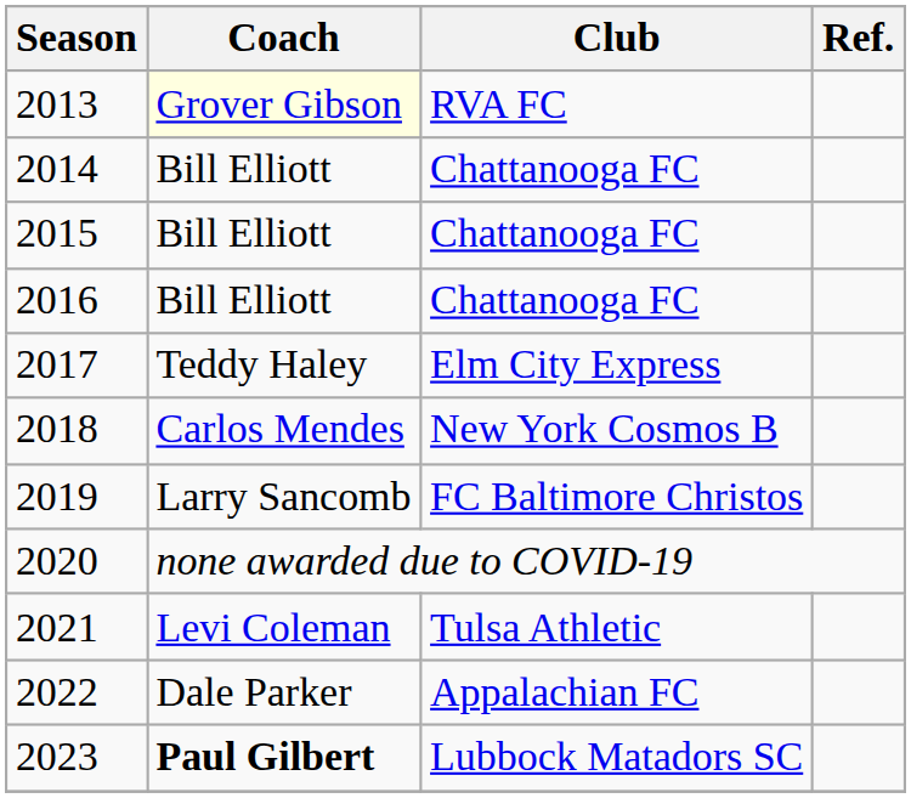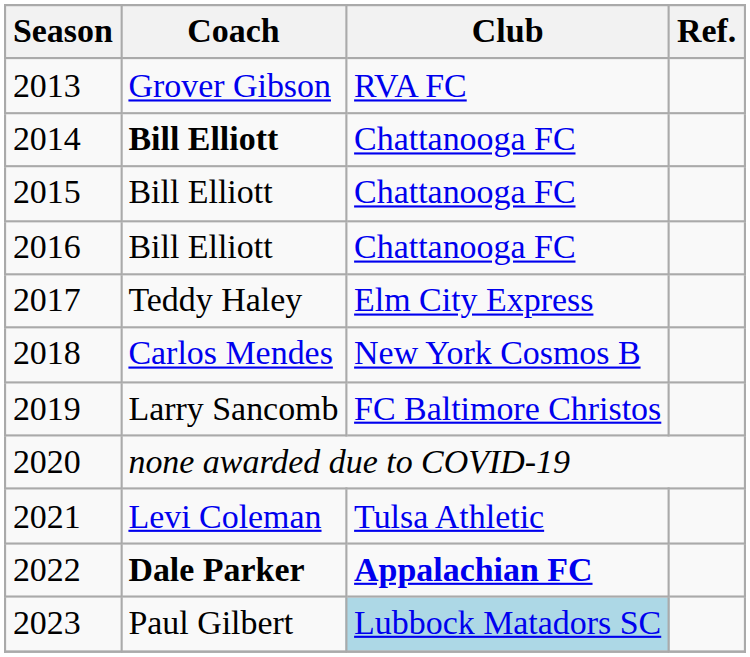 <table class='wikitable'>
 <tr>
 </tr>
 <tr>
 <th>Season</th>
 <th>Coach</th>
 <th>Club</th>
 <th>Ref.</th>
 </tr>
 <tr>
 <td>2013</td>
-<td style="background: lightyellow;"> <a href='#'>Grover Gibson</a></td>
+<td> <a href='#'>Grover Gibson</a></td>
 <td><a href='#'>RVA FC</a></td>
 <td></td>
 </tr>
 <tr>
 <td>2014</td>
-<td>Bill Elliott</td>
+<td><strong>Bill Elliott</strong></td>
 <td><a href='#'>Chattanooga FC</a></td>
 <td></td>
 </tr>
 <tr>
 <td>2015</td>
 <td>Bill Elliott</td>
 <td><a href='#'>Chattanooga FC</a></td>
 <td></td>
 </tr>
 <tr>
 <td>2016</td>
 <td>Bill Elliott</td>
 <td><a href='#'>Chattanooga FC</a></td>
 <td></td>
 </tr>
 <tr>
 <td>2017</td>
 <td>Teddy Haley</td>
 <td><a href='#'>Elm City Express</a></td>
 <td></td>
 </tr>
 <tr>
 <td>2018</td>
 <td> <a href='#'>Carlos Mendes</a></td>
 <td><a href='#'>New York Cosmos B</a></td>
 <td></td>
 </tr>
 <tr>
 <td>2019</td>
 <td>Larry Sancomb</td>
 <td><a href='#'>FC Baltimore Christos</a></td>
 <td></td>
 </tr>
 <tr>
 <td>2020</td>
 <td colspan=3><em>none awarded due to COVID-19</em></td>
 </tr>
 <tr>
 <td>2021</td>
 <td> <a href='#'>Levi Coleman</a></td>
 <td><a href='#'>Tulsa Athletic</a></td>
 <td></td>
 </tr>
 <tr>
 <td>2022</td>
-<td>Dale Parker</td>
-<td><a href='#'>Appalachian FC</a></td>
+<td><strong>Dale Parker</strong></td>
+<td><strong><a href='#'>Appalachian FC</a></strong></td>
 <td></td>
 </tr>
 <tr>
 <td>2023</td>
-<td><strong>Paul Gilbert</strong></td>
-<td><a href='#'>Lubbock Matadors SC</a></td>
+<td>Paul Gilbert</td>
+<td style="background: lightblue;"><a href='#'>Lubbock Matadors SC</a></td>
 <td></td>
 </tr>
 <tr>
 </tr>
 </table>
